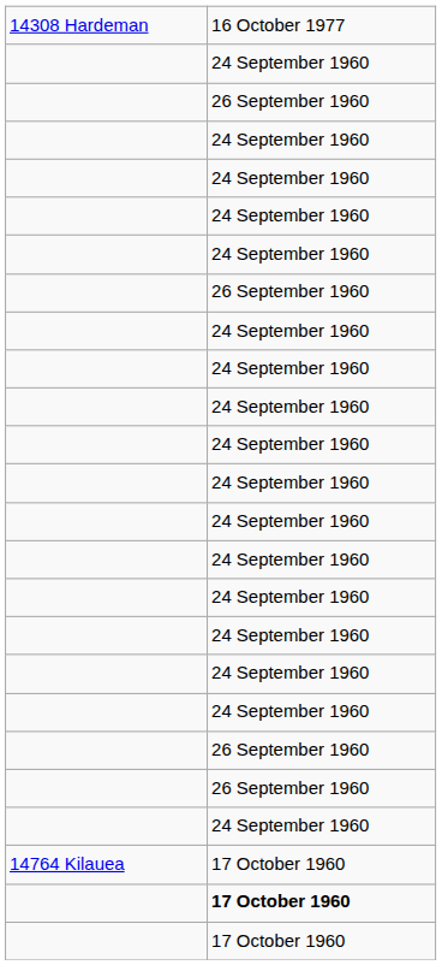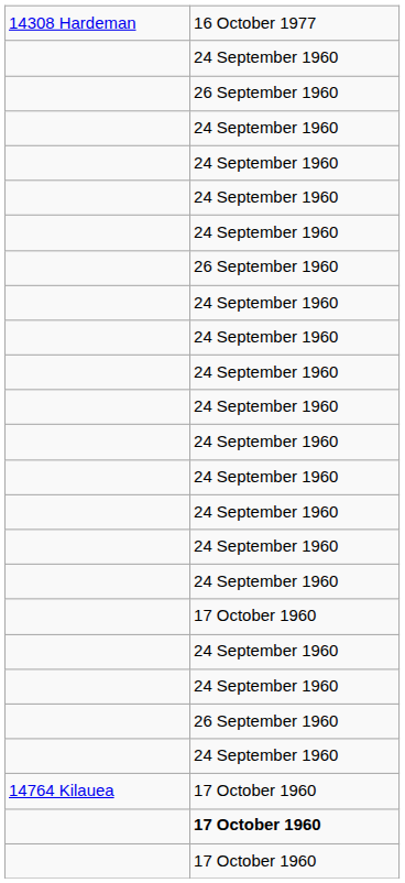 <table class="wikitable" style="font-size: 89%; float: left; width: 24em; margin-right: 1em; line-height: 1.65em">
 <tr>
 <td><a href='#'>14308 Hardeman</a></td>
 <td>16 October 1977</td>
 </tr>
 <tr>
 <td></td>
 <td>24 September 1960</td>
 </tr>
 <tr>
 <td></td>
 <td>26 September 1960</td>
 </tr>
 <tr>
 <td></td>
 <td>24 September 1960</td>
 </tr>
 <tr>
 <td></td>
 <td>24 September 1960</td>
 </tr>
 <tr>
 <td></td>
 <td>24 September 1960</td>
 </tr>
 <tr>
 <td></td>
 <td>24 September 1960</td>
 </tr>
 <tr>
 <td></td>
 <td>26 September 1960</td>
 </tr>
 <tr>
 <td></td>
 <td>24 September 1960</td>
 </tr>
 <tr>
 <td></td>
 <td>24 September 1960</td>
 </tr>
 <tr>
 <td></td>
 <td>24 September 1960</td>
 </tr>
 <tr>
 <td></td>
 <td>24 September 1960</td>
 </tr>
 <tr>
 <td></td>
 <td>24 September 1960</td>
 </tr>
 <tr>
 <td></td>
 <td>24 September 1960</td>
 </tr>
 <tr>
 <td></td>
 <td>24 September 1960</td>
 </tr>
 <tr>
 <td></td>
 <td>24 September 1960</td>
 </tr>
 <tr>
 <td></td>
 <td>24 September 1960</td>
 </tr>
 <tr>
 <td></td>
-<td>24 September 1960</td>
+<td>17 October 1960</td>
 </tr>
 <tr>
 <td></td>
 <td>24 September 1960</td>
 </tr>
 <tr>
 <td></td>
-<td>26 September 1960</td>
+<td>24 September 1960</td>
 </tr>
 <tr>
 <td></td>
 <td>26 September 1960</td>
 </tr>
 <tr>
 <td></td>
 <td>24 September 1960</td>
 </tr>
 <tr>
 <td><a href='#'>14764 Kilauea</a></td>
 <td>17 October 1960</td>
 </tr>
 <tr>
 <td></td>
 <td><strong>17 October 1960</strong></td>
 </tr>
 <tr>
 <td></td>
 <td>17 October 1960</td>
 </tr>
 </table>
